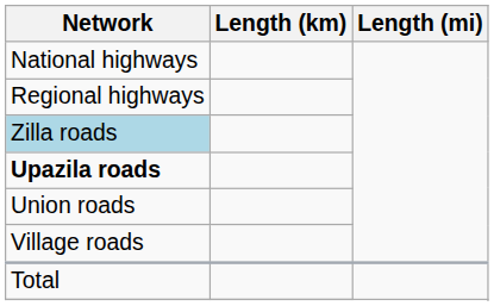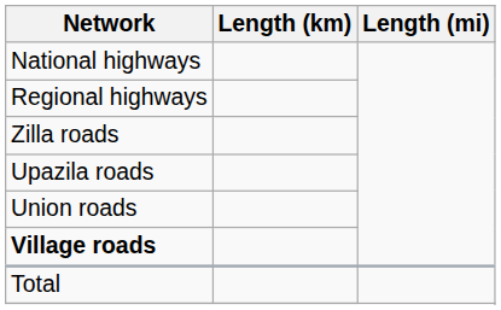 <table class="wikitable sortable">
 <tr>
 <th>Network</th>
 <th>Length (km)</th>
 <th>Length (mi)</th>
 </tr>
 <tr>
 <td>National highways</td>
 <td></td>
 </tr>
 <tr>
 <td>Regional highways</td>
 <td></td>
 </tr>
 <tr>
-<td style="background: lightblue;">Zilla roads</td>
+<td>Zilla roads</td>
 <td></td>
 </tr>
 <tr>
-<td><strong>Upazila roads</strong></td>
+<td>Upazila roads</td>
 <td></td>
 </tr>
 <tr>
 <td>Union roads</td>
 <td></td>
 </tr>
 <tr>
-<td>Village roads</td>
+<td><strong>Village roads</strong></td>
 <td></td>
 </tr>
 <tr class="sortbottom" style="border-top: 2px solid #a2a9b1;">
 <td>Total</td>
 <td></td>
 </tr>
 <tr>
 </tr>
 </table>
